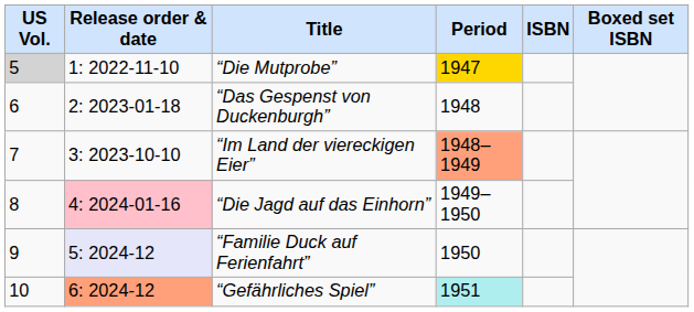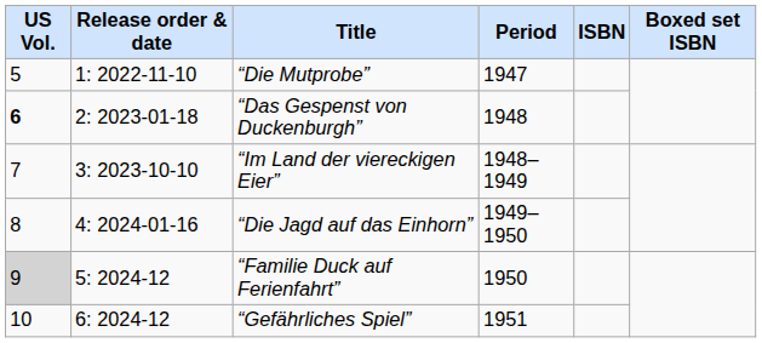 <table class="wikitable sortable">
 <tr>
 <th style="background-color:#D0E4FE" data-sort-type="number">US Vol.</th>
 <th style="background-color:#D0E4FE" data-sort-type="number">Release order & date</th>
 <th style="background-color:#D0E4FE">Title</th>
 <th style="background-color:#D0E4FE">Period</th>
 <th style="background-color:#D0E4FE">ISBN</th>
 <th style="background-color:#D0E4FE">Boxed set ISBN</th>
 </tr>
 <tr>
-<td style="background: lightgrey;">5</td>
+<td>5</td>
 <td>1: 2022-11-10</td>
 <td><em>“Die Mutprobe”</em></td>
-<td style="background: gold;">1947</td>
+<td>1947</td>
 <td></td>
 <td rowspan=2></td>
 </tr>
 <tr>
-<td>6</td>
+<td><strong>6</strong></td>
 <td>2: 2023-01-18</td>
 <td><em>“Das Gespenst von Duckenburgh”</em></td>
 <td>1948</td>
 <td></td>
 </tr>
 <tr>
 <td>7</td>
 <td>3: 2023-10-10</td>
 <td><em>“Im Land der viereckigen Eier”</em></td>
-<td style="background: lightsalmon;">1948–1949</td>
+<td>1948–1949</td>
 <td></td>
 <td rowspan=2></td>
 </tr>
 <tr>
 <td>8</td>
-<td style="background: pink;">4: 2024-01-16</td>
+<td>4: 2024-01-16</td>
 <td><em>“Die Jagd auf das Einhorn”</em></td>
 <td>1949–1950</td>
 <td></td>
 </tr>
 <tr>
-<td>9</td>
-<td style="background: lavender;">5: 2024-12</td>
+<td style="background: lightgrey;">9</td>
+<td>5: 2024-12</td>
 <td><em>“Familie Duck auf Ferienfahrt”</em></td>
 <td>1950</td>
 <td></td>
 <td rowspan=2></td>
 </tr>
 <tr>
 <td>10</td>
-<td style="background: lightsalmon;">6: 2024-12</td>
+<td>6: 2024-12</td>
 <td><em>“Gefährliches Spiel”</em></td>
-<td style="background: paleturquoise;">1951</td>
+<td>1951</td>
 <td></td>
 </tr>
 </table>
